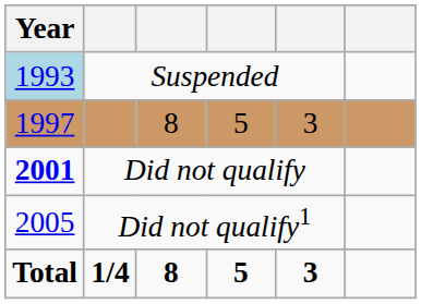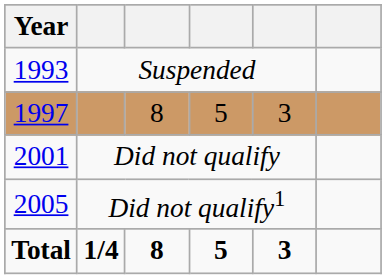 <table class="wikitable" style="text-align: center;">
 <tr>
 <th>Year</th>
 <th></th>
 <th width=30></th>
 <th width=30></th>
 <th width=30></th>
 <th width=30></th>
 </tr>
 <tr>
-<td style="background: lightblue;"> <a href='#'>1993</a></td>
+<td> <a href='#'>1993</a></td>
 <td colspan=4><em>Suspended</em></td>
 <td></td>
 </tr>
 <tr bgcolor=cc9966>
 <td> <a href='#'>1997</a></td>
 <td></td>
 <td>8</td>
 <td>5</td>
 <td>3</td>
 <td></td>
 </tr>
 <tr>
-<td><strong> <a href='#'>2001</a></strong></td>
+<td> <a href='#'>2001</a></td>
 <td colspan=4><em>Did not qualify</em></td>
 <td></td>
 </tr>
 <tr>
 <td> <a href='#'>2005</a></td>
 <td colspan=4><em>Did not qualify</em><sup>1</sup></td>
 <td></td>
 </tr>
 <tr>
 <td><strong>Total</strong></td>
 <td><strong>1/4</strong></td>
 <td><strong>8</strong></td>
 <td><strong>5</strong></td>
 <td><strong>3</strong></td>
 </tr>
 </table>
